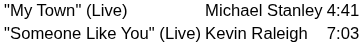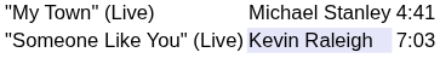 <table>
 <tr>
 <td>"My Town" (Live)</td>
 <td>Michael Stanley</td>
 <td>4:41</td>
 </tr>
 <tr>
 <td>"Someone Like You" (Live)</td>
-<td>Kevin Raleigh</td>
+<td style="background: lavender;">Kevin Raleigh</td>
 <td>7:03</td>
 </tr>
 </table>
